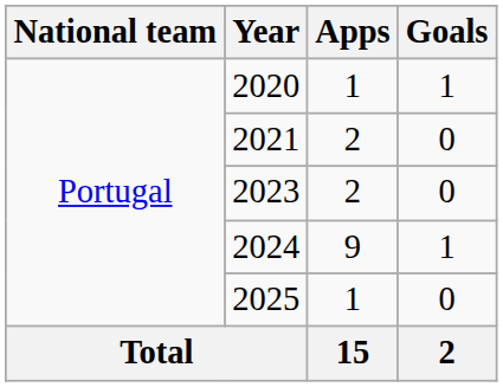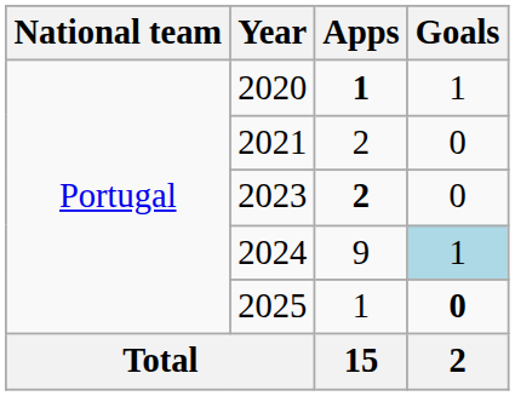 <table class="wikitable" style="text-align: center;">
 <tr>
 <th>National team</th>
 <th>Year</th>
 <th>Apps</th>
 <th>Goals</th>
 </tr>
 <tr>
 <td rowspan="5"><a href='#'>Portugal</a></td>
 <td>2020</td>
-<td>1</td>
+<td><strong>1</strong></td>
 <td>1</td>
 </tr>
 <tr>
 <td>2021</td>
 <td>2</td>
 <td>0</td>
 </tr>
 <tr>
 <td>2023</td>
-<td>2</td>
+<td><strong>2</strong></td>
 <td>0</td>
 </tr>
 <tr>
 <td>2024</td>
 <td>9</td>
-<td>1</td>
+<td style="background: lightblue;">1</td>
 </tr>
 <tr>
 <td>2025</td>
 <td>1</td>
-<td>0</td>
+<td><strong>0</strong></td>
 </tr>
 <tr>
 <th colspan="2">Total</th>
 <th>15</th>
 <th>2</th>
 </tr>
 </table>
